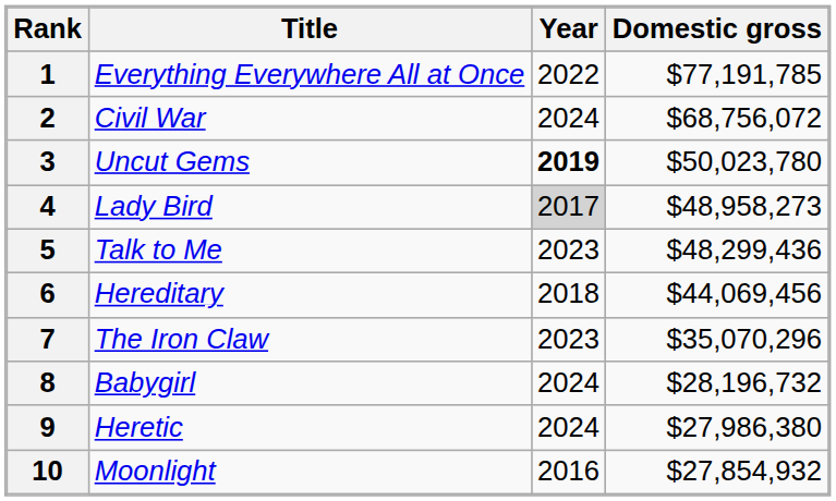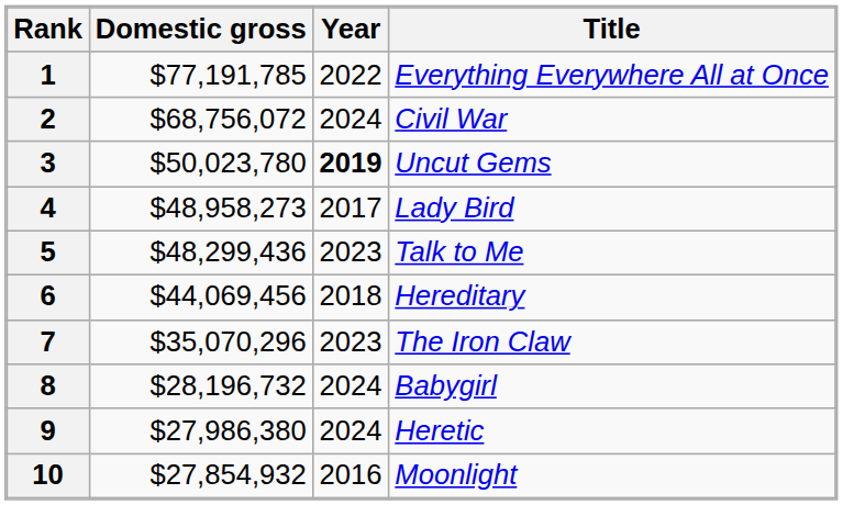 <table class="wikitable sortable plainrowheaders" style="display: inline-block;">
 <tr>
 <th scope="col">Rank</th>
+<th scope="col">Domestic gross</th>
+<th scope="col">Year</th>
 <th scope="col">Title</th>
-<th scope="col">Year</th>
-<th scope="col">Domestic gross</th>
 </tr>
 <tr>
 <th scope="row">1</th>
+<td style="text-align:right">$77,191,785</td>
+<td>2022</td>
 <td><em><a href='#'>Everything Everywhere All at Once</a></em></td>
-<td>2022</td>
-<td style="text-align:right">$77,191,785</td>
 </tr>
 <tr>
 <th scope="row">2</th>
+<td style="text-align:right">$68,756,072</td>
+<td>2024</td>
 <td><em><a href='#'>Civil War</a></em></td>
-<td>2024</td>
-<td style="text-align:right">$68,756,072</td>
 </tr>
 <tr>
 <th scope="row">3</th>
+<td style="text-align:right">$50,023,780</td>
+<td><strong>2019</strong></td>
 <td><em><a href='#'>Uncut Gems</a></em></td>
-<td><strong>2019</strong></td>
-<td style="text-align:right">$50,023,780</td>
 </tr>
 <tr>
 <th scope="row">4</th>
+<td style="text-align:right">$48,958,273</td>
+<td>2017</td>
 <td><em><a href='#'>Lady Bird</a></em></td>
-<td style="background: lightgrey;">2017</td>
-<td style="text-align:right">$48,958,273</td>
 </tr>
 <tr>
 <th scope="row">5</th>
+<td style="text-align:right">$48,299,436</td>
+<td>2023</td>
 <td><em><a href='#'>Talk to Me</a></em></td>
-<td>2023</td>
-<td style="text-align:right">$48,299,436</td>
 </tr>
 <tr>
 <th scope="row">6</th>
+<td style="text-align:right">$44,069,456</td>
+<td>2018</td>
 <td><em><a href='#'>Hereditary</a></em></td>
-<td>2018</td>
-<td style="text-align:right">$44,069,456</td>
 </tr>
 <tr>
 <th scope="row">7</th>
+<td style="text-align:right">$35,070,296</td>
+<td>2023</td>
 <td><em><a href='#'>The Iron Claw</a></em></td>
-<td>2023</td>
-<td style="text-align:right">$35,070,296</td>
 </tr>
 <tr>
 <th scope="row">8</th>
+<td style="text-align:right">$28,196,732</td>
+<td>2024</td>
 <td><em><a href='#'>Babygirl</a></em></td>
-<td>2024</td>
-<td style="text-align:right">$28,196,732</td>
 </tr>
 <tr>
 <th scope="row">9</th>
+<td style="text-align:right">$27,986,380</td>
+<td>2024</td>
 <td><em><a href='#'>Heretic</a></em></td>
-<td>2024</td>
-<td style="text-align:right">$27,986,380</td>
 </tr>
 <tr>
 <th scope="row">10</th>
+<td style="text-align:right">$27,854,932</td>
+<td>2016</td>
 <td><em><a href='#'>Moonlight</a></em></td>
-<td>2016</td>
-<td style="text-align:right">$27,854,932</td>
 </tr>
 </table>
